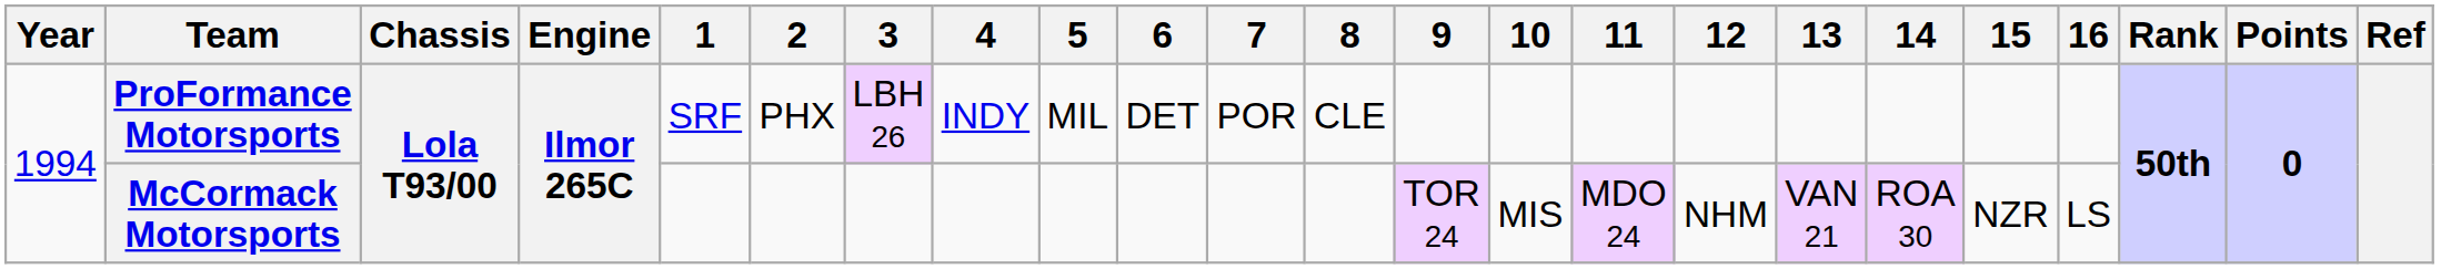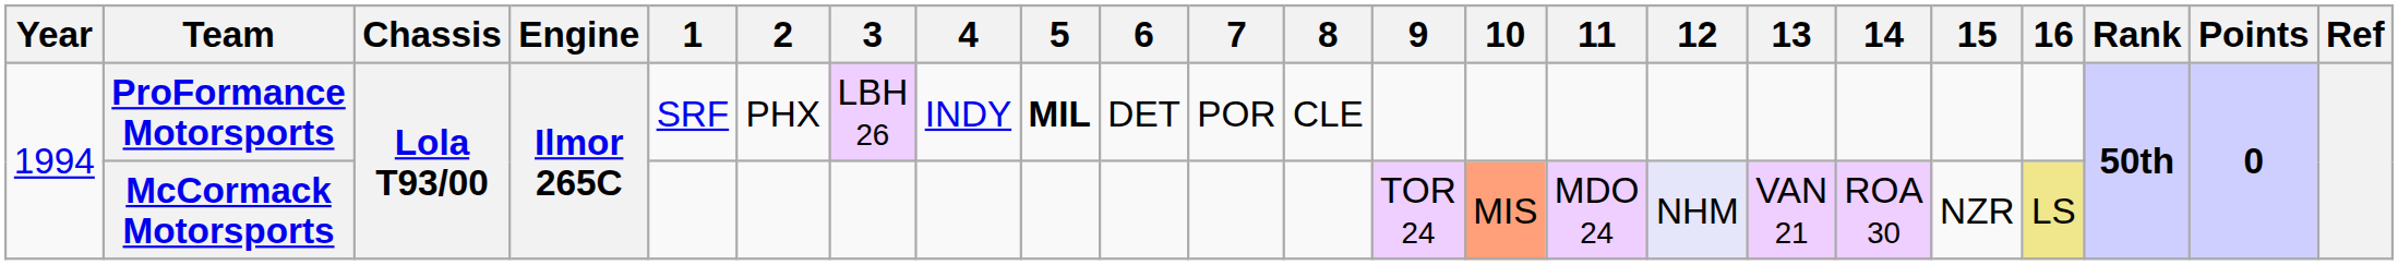 <table class="wikitable" style="text-align:center; font-size:95%">
 <tr>
 <th>Year</th>
 <th>Team</th>
 <th>Chassis</th>
 <th>Engine</th>
 <th>1</th>
 <th>2</th>
 <th>3</th>
 <th>4</th>
 <th>5</th>
 <th>6</th>
 <th>7</th>
 <th>8</th>
 <th>9</th>
 <th>10</th>
 <th>11</th>
 <th>12</th>
 <th>13</th>
 <th>14</th>
 <th>15</th>
 <th>16</th>
 <th>Rank</th>
 <th>Points</th>
 <th>Ref</th>
 </tr>
 <tr>
 <td rowspan=2><a href='#'>1994</a></td>
 <th><a href='#'>ProFormance Motorsports</a></th>
 <th rowspan=2><a href='#'>Lola</a> T93/00</th>
 <th rowspan=2><a href='#'>Ilmor</a> 265C</th>
 <td><a href='#'>SRF</a></td>
 <td>PHX</td>
 <td style="background:#EFCFFF;">LBH<br><small>26</small></td>
 <td><a href='#'>INDY</a></td>
-<td>MIL</td>
+<td><strong>MIL</strong></td>
 <td>DET</td>
 <td>POR</td>
 <td>CLE</td>
 <td></td>
 <td></td>
 <td></td>
 <td></td>
 <td></td>
 <td></td>
 <td></td>
 <td></td>
 <td rowspan=2 style="background:#CFCFFF;"><strong>50th</strong></td>
 <td rowspan=2 style="background:#CFCFFF;"><strong>0</strong></td>
 <th rowspan=2></th>
 </tr>
 <tr>
 <th><a href='#'>McCormack Motorsports</a></th>
 <td></td>
 <td></td>
 <td></td>
 <td></td>
 <td></td>
 <td></td>
 <td></td>
 <td></td>
 <td style="background:#EFCFFF;">TOR<br><small>24</small></td>
-<td>MIS</td>
+<td style="background: lightsalmon;">MIS</td>
 <td style="background:#EFCFFF;">MDO<br><small>24</small></td>
-<td>NHM</td>
+<td style="background: lavender;">NHM</td>
 <td style="background:#EFCFFF;">VAN<br><small>21</small></td>
 <td style="background:#EFCFFF;">ROA<br><small>30</small></td>
 <td>NZR</td>
-<td>LS</td>
+<td style="background: khaki;">LS</td>
 </tr>
 </table>
